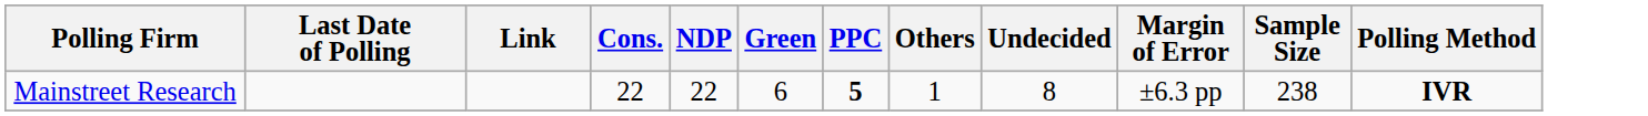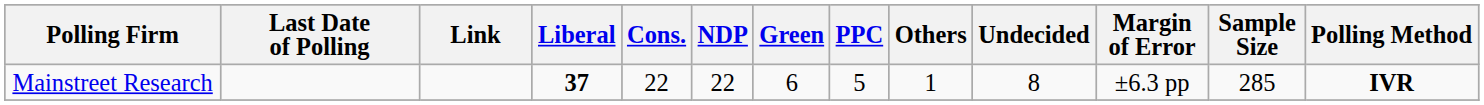 <table class="wikitable sortable" style="text-align:center;font-size:90%;line-height:14px;">
 <tr style="background:#e9e9e9;">
 <th style="width:120px">Polling Firm</th>
 <th style="width:110px">Last Date<br>of Polling</th>
 <th style="width:60px" class="unsortable">Link</th>
+<th style="background-color:"><a href='#'>Liberal</a></th>
 <th style="background-color:"><a href='#'>Cons.</a></th>
 <th style="background-color:"><a href='#'>NDP</a></th>
 <th style="background-color:"><a href='#'>Green</a></th>
 <th style="background-color:"><a href='#'><span>PPC</span></a></th>
 <th style="background-color:">Others</th>
 <th style="background-color:">Undecided</th>
 <th style="width:60px;" class=unsortable>Margin<br>of Error</th>
 <th style="width:50px;" class=unsortable>Sample<br>Size</th>
 <th class=unsortable>Polling Method</th>
 </tr>
 <tr>
 <td><a href='#'>Mainstreet Research</a></td>
 <td></td>
 <td></td>
+<td><strong>37</strong></td>
 <td>22</td>
 <td>22</td>
 <td>6</td>
-<td><strong>5</strong></td>
+<td>5</td>
 <td>1</td>
 <td>8</td>
 <td>±6.3 pp</td>
-<td>238</td>
+<td>285</td>
 <td><strong>IVR</strong></td>
 </tr>
 </table>
